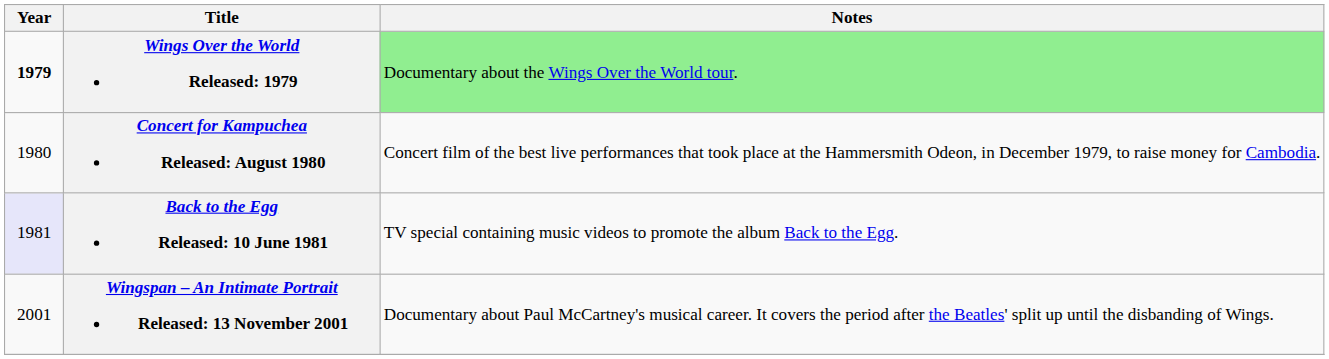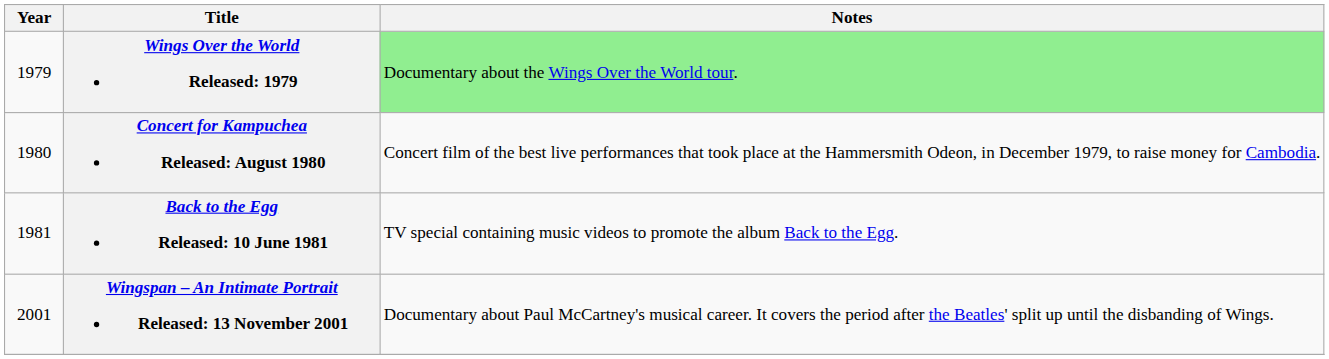 <table class="wikitable plainrowheaders">
 <tr>
 <th scope="col" style="width:3em">Year</th>
 <th scope="col" style="width:18em">Title</th>
 <th scope="col">Notes</th>
 </tr>
 <tr>
-<td style="text-align:center;"><strong>1979</strong></td>
+<td style="text-align:center;">1979</td>
 <th scope="row"><em><a href='#'>Wings Over the World</a></em><br><ul><li>Released: 1979</li></ul></th>
 <td style="background: lightgreen;">Documentary about the <a href='#'>Wings Over the World tour</a>.</td>
 </tr>
 <tr>
 <td style="text-align:center;">1980</td>
 <th scope="row"><em><a href='#'>Concert for Kampuchea</a></em><br><ul><li>Released: August 1980</li></ul></th>
 <td>Concert film of the best live performances that took place at the Hammersmith Odeon, in December 1979, to raise money for <a href='#'>Cambodia</a>.</td>
 </tr>
 <tr>
-<td style="background: lavender; text-align:center;">1981</td>
+<td style="text-align:center;">1981</td>
 <th scope="row"><em><a href='#'>Back to the Egg</a></em><br><ul><li>Released: 10 June 1981</li></ul></th>
 <td>TV special containing music videos to promote the album <a href='#'>Back to the Egg</a>.</td>
 </tr>
 <tr>
 <td style="text-align:center;">2001</td>
 <th scope="row"><em><a href='#'>Wingspan – An Intimate Portrait</a></em><br><ul><li>Released: 13 November 2001</li></ul></th>
 <td>Documentary about Paul McCartney's musical career. It covers the period after <a href='#'>the Beatles</a>' split up until the disbanding of Wings.</td>
 </tr>
 <tr>
 </tr>
 </table>
